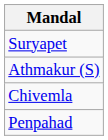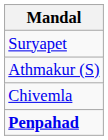 <table class="wikitable sortable static-row-numbers static-row-header-hash">
 <tr>
 <th>Mandal</th>
 </tr>
 <tr>
 <td><a href='#'>Suryapet</a></td>
 </tr>
 <tr>
 <td><a href='#'>Athmakur (S)</a></td>
 </tr>
 <tr>
 <td><a href='#'>Chivemla</a></td>
 </tr>
 <tr>
-<td><a href='#'>Penpahad</a></td>
+<td><strong><a href='#'>Penpahad</a></strong></td>
 </tr>
 </table>
